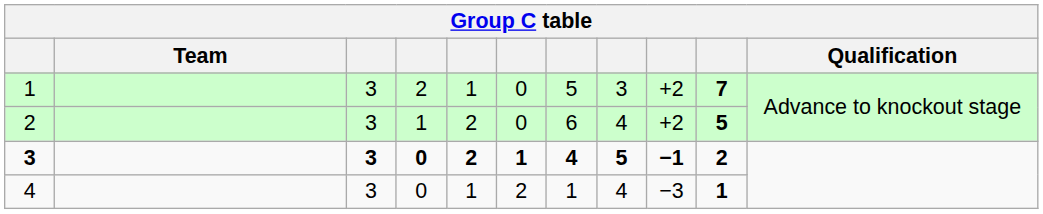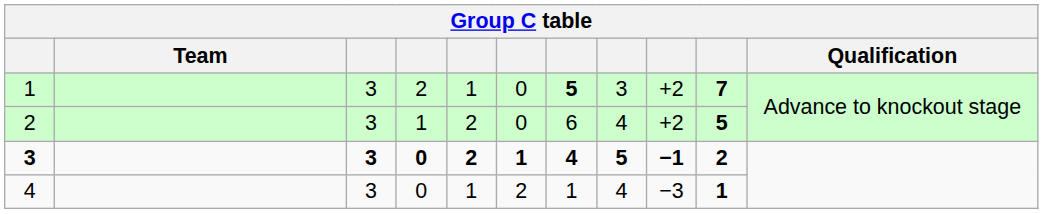 <table class="wikitable" style="text-align:center">
 <tr>
 <th colspan="11"><a href='#'>Group C</a> table</th>
 </tr>
 <tr>
 <th width="30"></th>
 <th width="210">Team</th>
 <th width="30"></th>
 <th width="30"></th>
 <th width="30"></th>
 <th width="30"></th>
 <th width="30"></th>
 <th width="30"></th>
 <th width="30"></th>
 <th width="30"></th>
 <th width="210">Qualification</th>
 </tr>
 <tr bgcolor="#ccffcc">
 <td>1</td>
 <td align="left"></td>
 <td>3</td>
 <td>2</td>
 <td>1</td>
 <td>0</td>
-<td>5</td>
+<td><strong>5</strong></td>
 <td>3</td>
 <td>+2</td>
 <td><strong>7</strong></td>
 <td rowspan="2">Advance to knockout stage</td>
 </tr>
 <tr bgcolor="#ccffcc">
 <td>2</td>
 <td align="left"></td>
 <td>3</td>
 <td>1</td>
 <td>2</td>
 <td>0</td>
 <td>6</td>
 <td>4</td>
 <td>+2</td>
 <td><strong>5</strong></td>
 </tr>
 <tr>
 <td><strong>3</strong></td>
 <td align="left"><strong></strong></td>
 <td><strong>3</strong></td>
 <td><strong>0</strong></td>
 <td><strong>2</strong></td>
 <td><strong>1</strong></td>
 <td><strong>4</strong></td>
 <td><strong>5</strong></td>
 <td><strong>−1</strong></td>
 <td><strong>2</strong></td>
 <td rowspan="2"></td>
 </tr>
 <tr>
 <td>4</td>
 <td align="left"></td>
 <td>3</td>
 <td>0</td>
 <td>1</td>
 <td>2</td>
 <td>1</td>
 <td>4</td>
 <td>−3</td>
 <td><strong>1</strong></td>
 </tr>
 </table>
